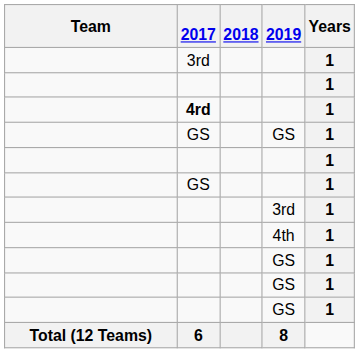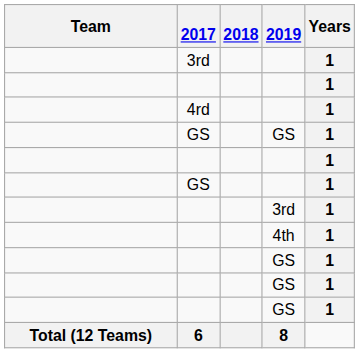 <table class="wikitable" style="text-align:center; font-size:90%">
 <tr>
 <th width=150>Team</th>
 <th><br><a href='#'>2017</a></th>
 <th><br><a href='#'>2018</a></th>
 <th><br><a href='#'>2019</a></th>
 <th>Years</th>
 </tr>
 <tr>
 <td align=left></td>
 <td>3rd</td>
 <td></td>
 <td></td>
 <th>1</th>
 </tr>
 <tr>
 <td align=left></td>
 <td></td>
 <td></td>
 <td></td>
 <th>1</th>
 </tr>
 <tr>
 <td align=left></td>
-<td><strong>4rd</strong></td>
+<td>4rd</td>
 <td></td>
 <td></td>
 <th>1</th>
 </tr>
 <tr>
 <td align=left></td>
 <td>GS</td>
 <td></td>
 <td>GS</td>
 <th>1</th>
 </tr>
 <tr>
 <td align=left></td>
 <td></td>
 <td></td>
 <td></td>
 <th>1</th>
 </tr>
 <tr>
 <td align=left></td>
 <td>GS</td>
 <td></td>
 <td></td>
 <th>1</th>
 </tr>
 <tr>
 <td align=left></td>
 <td></td>
 <td></td>
 <td>3rd</td>
 <th>1</th>
 </tr>
 <tr>
 <td align=left></td>
 <td></td>
 <td></td>
 <td>4th</td>
 <th>1</th>
 </tr>
 <tr>
 <td align=left></td>
 <td></td>
 <td></td>
 <td>GS</td>
 <th>1</th>
 </tr>
 <tr>
 <td align=left></td>
 <td></td>
 <td></td>
 <td>GS</td>
 <th>1</th>
 </tr>
 <tr>
 <td align=left></td>
 <td></td>
 <td></td>
 <td>GS</td>
 <th>1</th>
 </tr>
 <tr>
 <th>Total (12 Teams)</th>
 <th>6</th>
 <th></th>
 <th>8</th>
 </tr>
 </table>
